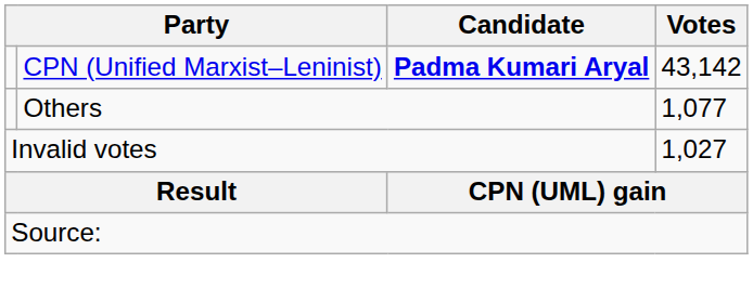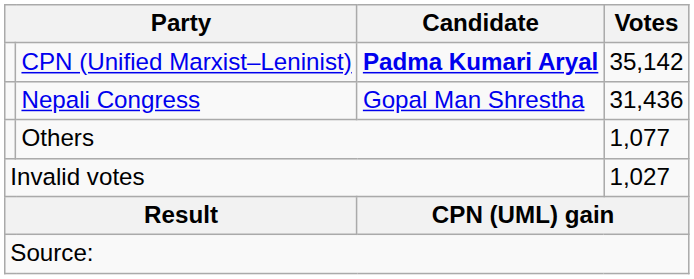 <table class="wikitable">
 <tr>
 <th colspan="2">Party</th>
 <th>Candidate</th>
 <th>Votes</th>
 </tr>
 <tr>
 <td style="background-color:"></td>
 <td><a href='#'>CPN (Unified Marxist–Leninist)</a></td>
 <td><strong><a href='#'>Padma Kumari Aryal</a></strong></td>
-<td>43,142</td>
+<td>35,142</td>
+</tr>
+<tr>
+<td style="background-color:"></td>
+<td><a href='#'>Nepali Congress</a></td>
+<td><a href='#'>Gopal Man Shrestha</a></td>
+<td>31,436</td>
 </tr>
 <tr>
 <td></td>
 <td colspan="2">Others</td>
 <td>1,077</td>
 </tr>
 <tr>
 <td colspan="3">Invalid votes</td>
 <td>1,027</td>
 </tr>
 <tr>
 <th colspan="2">Result</th>
 <th colspan="2">CPN (UML) gain</th>
 </tr>
 <tr>
 <td colspan="4">Source: </td>
 </tr>
 </table>
